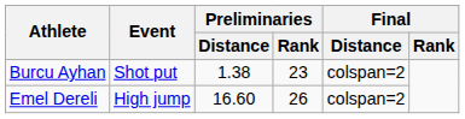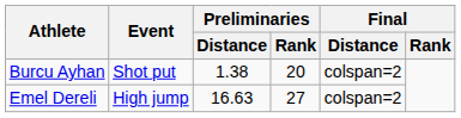 <table class=wikitable style="font-size:90%;">
 <tr>
 <th rowspan=2>Athlete</th>
 <th rowspan=2>Event</th>
 <th colspan=2>Preliminaries</th>
 <th colspan=2>Final</th>
 </tr>
 <tr>
 <th>Distance</th>
 <th>Rank</th>
 <th>Distance</th>
 <th>Rank</th>
 </tr>
 <tr>
 <td><a href='#'>Burcu Ayhan</a></td>
 <td><a href='#'>Shot put</a></td>
 <td align="center">1.38</td>
-<td align="center">23</td>
+<td align="center">20</td>
 <td>colspan=2 </td>
 </tr>
 <tr>
 <td><a href='#'>Emel Dereli</a></td>
 <td><a href='#'>High jump</a></td>
-<td align="center">16.60</td>
-<td align="center">26</td>
+<td align="center">16.63</td>
+<td align="center">27</td>
 <td>colspan=2 </td>
 </tr>
 </table>
